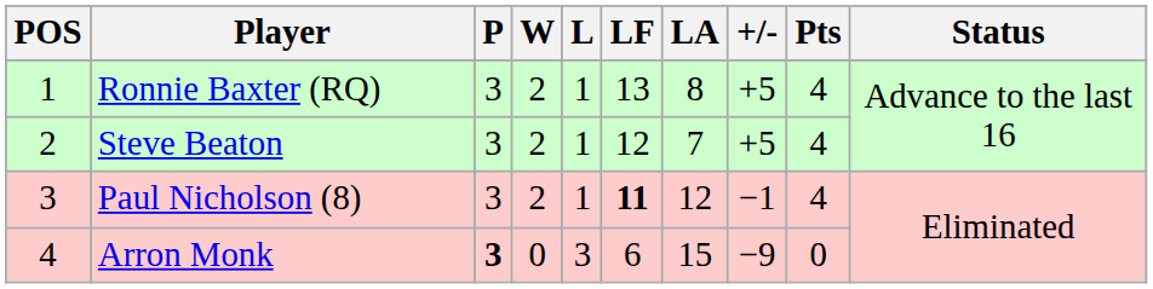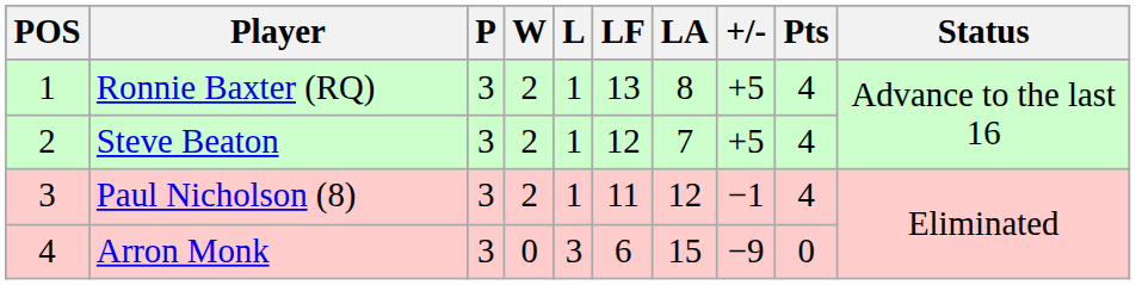 <table class="wikitable" style="text-align:center; margin: 1em auto 1em auto, align:left">
 <tr>
 <th width=20>POS</th>
 <th width=169>Player</th>
 <th width=3>P</th>
 <th width=3>W</th>
 <th width=3>L</th>
 <th width=20>LF</th>
 <th width=20>LA</th>
 <th width=20>+/-</th>
 <th width=20>Pts</th>
 <th width=129>Status</th>
 </tr>
 <tr style="background:#CCFFCC;">
 <td>1</td>
 <td style="text-align:left;"> <a href='#'>Ronnie Baxter</a> (RQ)</td>
 <td>3</td>
 <td>2</td>
 <td>1</td>
 <td>13</td>
 <td>8</td>
 <td>+5</td>
 <td>4</td>
 <td rowspan=2>Advance to the last 16</td>
 </tr>
 <tr style="background:#CCFFCC;">
 <td>2</td>
 <td style="text-align:left;"> <a href='#'>Steve Beaton</a></td>
 <td>3</td>
 <td>2</td>
 <td>1</td>
 <td>12</td>
 <td>7</td>
 <td>+5</td>
 <td>4</td>
 </tr>
 <tr style="background:#FFCCCC;">
 <td>3</td>
 <td style="text-align:left;"> <a href='#'>Paul Nicholson</a> (8)</td>
 <td>3</td>
 <td>2</td>
 <td>1</td>
-<td><strong>11</strong></td>
+<td>11</td>
 <td>12</td>
 <td>−1</td>
 <td>4</td>
 <td rowspan=2>Eliminated</td>
 </tr>
 <tr style="background:#FFCCCC;">
 <td>4</td>
 <td style="text-align:left;"> <a href='#'>Arron Monk</a></td>
-<td><strong>3</strong></td>
+<td>3</td>
 <td>0</td>
 <td>3</td>
 <td>6</td>
 <td>15</td>
 <td>−9</td>
 <td>0</td>
 </tr>
 </table>
